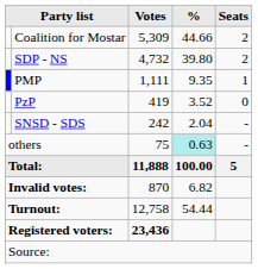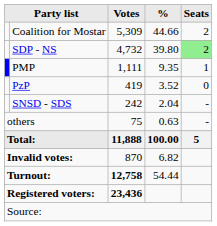 <table class="wikitable" border="1">
 <tr>
 <th colspan="2" align="center" style="background-color:#E9E9E9">Party list</th>
 <th align="center" style="background-color:#E9E9E9">Votes</th>
 <th align="center" style="background-color:#E9E9E9">%</th>
 <th align="center" style="background-color:#E9E9E9">Seats</th>
 </tr>
 <tr>
 <td></td>
 <td align="left">Coalition for Mostar</td>
 <td align="right">5,309</td>
 <td align="right">44.66</td>
 <td align="right">2</td>
 </tr>
 <tr>
 <td></td>
 <td align="left"><a href='#'>SDP</a> - <a href='#'>NS</a></td>
 <td align="right">4,732</td>
 <td align="right">39.80</td>
-<td align="right">2</td>
+<td align="right" style="background: lightgreen;">2</td>
 </tr>
 <tr>
 <td bgcolor="blue"></td>
 <td align="left">PMP</td>
 <td align="right">1,111</td>
 <td align="right">9.35</td>
 <td align="right">1</td>
 </tr>
 <tr>
 <td></td>
 <td align="left"><a href='#'>PzP</a></td>
 <td align="right">419</td>
 <td align="right">3.52</td>
 <td align="right">0</td>
 </tr>
 <tr>
 <td></td>
 <td align="left"><a href='#'>SNSD</a> - <a href='#'>SDS</a></td>
 <td align="right">242</td>
 <td align="right">2.04</td>
 <td align="right">-</td>
 </tr>
 <tr>
 <td colspan="2">others</td>
 <td align="right">75</td>
-<td align="right" style="background: paleturquoise;">0.63</td>
+<td align="right">0.63</td>
 <td align="right">-</td>
 </tr>
 <tr style="background-color:#E9E9E9">
 <td colspan="2" align="left"><strong>Total:</strong></td>
 <th align="right">11,888</th>
 <th align="right">100.00</th>
 <th align="right">5</th>
 </tr>
 <tr>
 <td colspan="2" align="left"><strong>Invalid votes:</strong></td>
 <td align="right">870</td>
 <td align="right">6.82</td>
 <td align="right"></td>
 </tr>
 <tr>
 <td colspan="2" align="left"><strong>Turnout:</strong></td>
-<td align="right">12,758</td>
+<td align="right"><strong>12,758</strong></td>
 <td align="right">54.44</td>
 <td align="right"></td>
 </tr>
 <tr>
 <td colspan="2" align="left"><strong>Registered voters:</strong></td>
 <td align="right"><strong>23,436</strong></td>
 <td align="right"></td>
 <td align="right"></td>
 </tr>
 <tr>
 <td colspan="5" align="left">Source: </td>
 </tr>
 </table>
